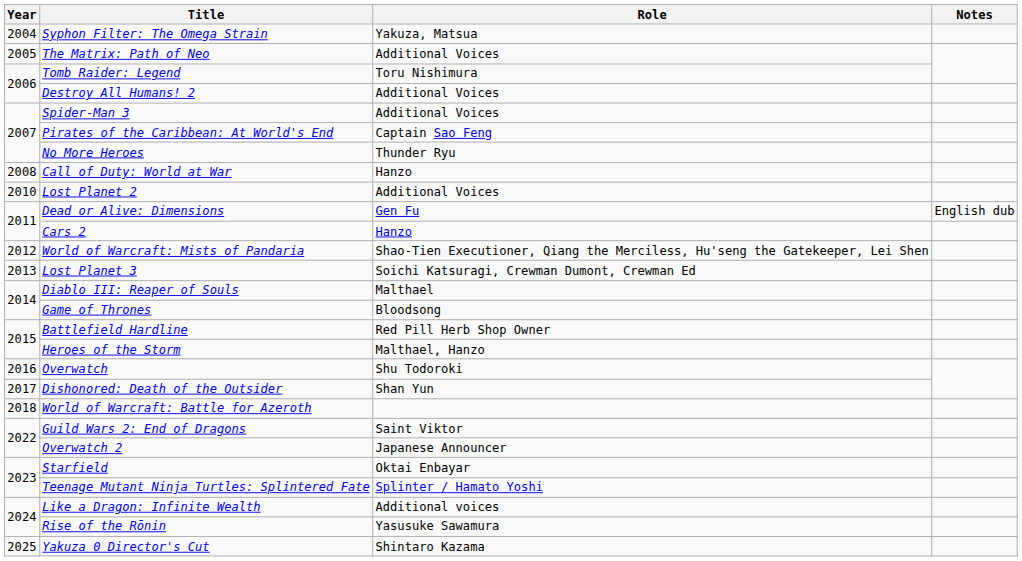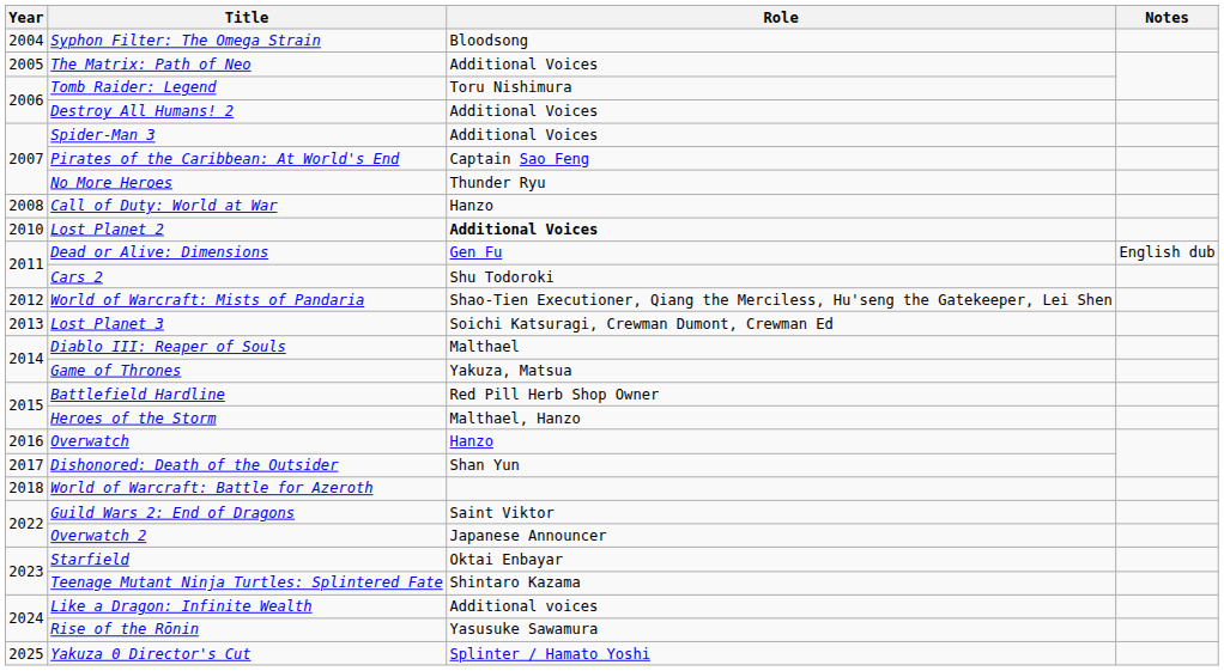 <table class="wikitable sortable">
 <tr>
 <th>Year</th>
 <th>Title</th>
 <th>Role</th>
 <th>Notes</th>
 </tr>
 <tr>
 <td>2004</td>
 <td><em><a href='#'>Syphon Filter: The Omega Strain</a></em></td>
-<td>Yakuza, Matsua</td>
+<td>Bloodsong</td>
 <td></td>
 </tr>
 <tr>
 <td>2005</td>
 <td><em><a href='#'>The Matrix: Path of Neo</a></em></td>
 <td>Additional Voices</td>
 <td rowspan="2"></td>
 </tr>
 <tr>
 <td rowspan=2>2006</td>
 <td><em><a href='#'>Tomb Raider: Legend</a></em></td>
 <td>Toru Nishimura</td>
 </tr>
 <tr>
 <td><em><a href='#'>Destroy All Humans! 2</a></em></td>
 <td>Additional Voices</td>
 <td></td>
 </tr>
 <tr>
 <td rowspan=3>2007</td>
 <td><em><a href='#'>Spider-Man 3</a></em></td>
 <td>Additional Voices</td>
 <td></td>
 </tr>
 <tr>
 <td><em><a href='#'>Pirates of the Caribbean: At World's End</a></em></td>
 <td>Captain <a href='#'>Sao Feng</a></td>
 <td></td>
 </tr>
 <tr>
 <td><em><a href='#'>No More Heroes</a></em></td>
 <td>Thunder Ryu</td>
 <td></td>
 </tr>
 <tr>
 <td>2008</td>
 <td><em><a href='#'>Call of Duty: World at War</a></em></td>
 <td>Hanzo</td>
 <td></td>
 </tr>
 <tr>
 <td>2010</td>
 <td><em><a href='#'>Lost Planet 2</a></em></td>
-<td>Additional Voices</td>
+<td><strong>Additional Voices</strong></td>
 <td></td>
 </tr>
 <tr>
 <td rowspan=2>2011</td>
 <td><em><a href='#'>Dead or Alive: Dimensions</a></em></td>
 <td><a href='#'>Gen Fu</a></td>
 <td>English dub</td>
 </tr>
 <tr>
 <td><em><a href='#'>Cars 2</a></em></td>
-<td><a href='#'>Hanzo</a></td>
+<td>Shu Todoroki</td>
 <td></td>
 </tr>
 <tr>
 <td>2012</td>
 <td><em><a href='#'>World of Warcraft: Mists of Pandaria</a></em></td>
 <td>Shao-Tien Executioner, Qiang the Merciless, Hu'seng the Gatekeeper, Lei Shen</td>
 <td></td>
 </tr>
 <tr>
 <td>2013</td>
 <td><em><a href='#'>Lost Planet 3</a></em></td>
 <td>Soichi Katsuragi, Crewman Dumont, Crewman Ed</td>
 <td></td>
 </tr>
 <tr>
 <td rowspan=2>2014</td>
 <td><em><a href='#'>Diablo III: Reaper of Souls</a></em></td>
 <td>Malthael</td>
 <td></td>
 </tr>
 <tr>
 <td><em><a href='#'>Game of Thrones</a></em></td>
-<td>Bloodsong</td>
+<td>Yakuza, Matsua</td>
 <td></td>
 </tr>
 <tr>
 <td rowspan=2>2015</td>
 <td><em><a href='#'>Battlefield Hardline</a></em></td>
 <td>Red Pill Herb Shop Owner</td>
 <td></td>
 </tr>
 <tr>
 <td><em><a href='#'>Heroes of the Storm</a></em></td>
 <td>Malthael, Hanzo</td>
 <td></td>
 </tr>
 <tr>
 <td>2016</td>
 <td><em><a href='#'>Overwatch</a></em></td>
-<td>Shu Todoroki</td>
+<td><a href='#'>Hanzo</a></td>
 <td rowspan="2"></td>
 </tr>
 <tr>
 <td>2017</td>
 <td><em><a href='#'>Dishonored: Death of the Outsider</a></em></td>
 <td>Shan Yun</td>
 </tr>
 <tr>
 <td>2018</td>
 <td><em><a href='#'>World of Warcraft: Battle for Azeroth</a></em></td>
 <td></td>
 <td></td>
 </tr>
 <tr>
 <td rowspan="2">2022</td>
 <td><em><a href='#'>Guild Wars 2: End of Dragons</a></em></td>
 <td>Saint Viktor</td>
 <td></td>
 </tr>
 <tr>
 <td><em><a href='#'>Overwatch 2</a></em></td>
 <td>Japanese Announcer</td>
 <td></td>
 </tr>
 <tr>
 <td Rowspan="2">2023</td>
 <td><em><a href='#'>Starfield</a></em></td>
 <td>Oktai Enbayar</td>
 <td></td>
 </tr>
 <tr>
 <td><em><a href='#'>Teenage Mutant Ninja Turtles: Splintered Fate</a></em></td>
-<td><a href='#'>Splinter / Hamato Yoshi</a></td>
+<td>Shintaro Kazama</td>
 <td></td>
 </tr>
 <tr>
 <td rowspan=2>2024</td>
 <td><em><a href='#'>Like a Dragon: Infinite Wealth</a></em></td>
 <td>Additional voices</td>
 <td></td>
 </tr>
 <tr>
 <td><em><a href='#'>Rise of the Rōnin</a></em></td>
 <td>Yasusuke Sawamura</td>
 <td></td>
 </tr>
 <tr>
 <td>2025</td>
 <td><em><a href='#'>Yakuza 0 Director's Cut</a></em></td>
-<td>Shintaro Kazama</td>
+<td><a href='#'>Splinter / Hamato Yoshi</a></td>
 <td></td>
 </tr>
 </table>
